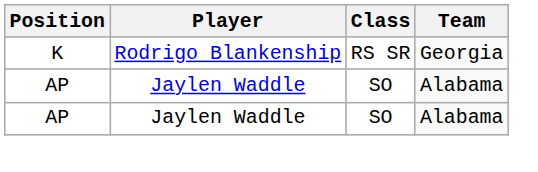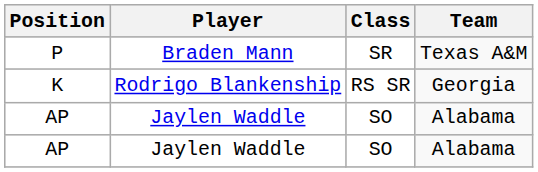 <table class="wikitable sortable">
 <tr>
 <th>Position</th>
 <th>Player</th>
 <th>Class</th>
 <th>Team</th>
+</tr>
+<tr style="text-align:center;">
+<td style="background:white">P</td>
+<td style="background:white"><a href='#'>Braden Mann</a></td>
+<td style="background:white">SR</td>
+<td>Texas A&M</td>
 </tr>
 <tr style="text-align:center;">
 <td style="background:white">K</td>
 <td style="background:white"><a href='#'>Rodrigo Blankenship</a></td>
 <td style="background:white">RS SR</td>
 <td>Georgia</td>
 </tr>
 <tr style="text-align:center;">
 <td style="background:white">AP</td>
 <td style="background:white"><a href='#'>Jaylen Waddle</a></td>
 <td style="background:white">SO</td>
 <td>Alabama</td>
 </tr>
 <tr style="text-align:center;">
 <td style="background:white">AP</td>
 <td style="background:white">Jaylen Waddle</td>
 <td style="background:white">SO</td>
 <td>Alabama</td>
 </tr>
 </table>
